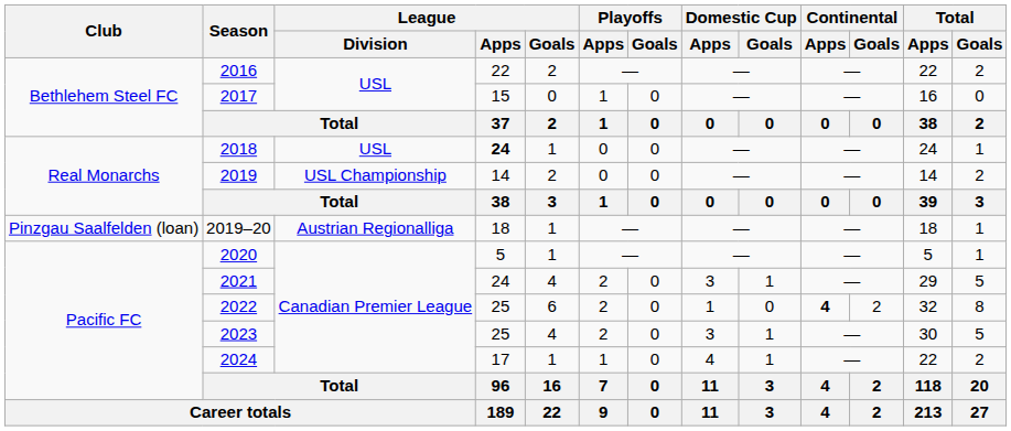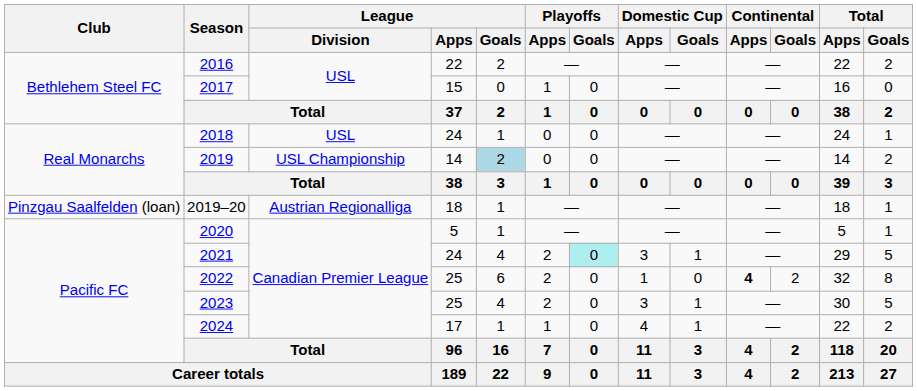 <table class="wikitable" style="text-align: center;">
 <tr>
 <th rowspan="2">Club</th>
 <th rowspan="2">Season</th>
 <th colspan="3">League</th>
 <th colspan="2">Playoffs</th>
 <th colspan="2">Domestic Cup</th>
 <th colspan="2">Continental</th>
 <th colspan="2">Total</th>
 </tr>
 <tr>
 <th>Division</th>
 <th>Apps</th>
 <th>Goals</th>
 <th>Apps</th>
 <th>Goals</th>
 <th>Apps</th>
 <th>Goals</th>
 <th>Apps</th>
 <th>Goals</th>
 <th>Apps</th>
 <th>Goals</th>
 </tr>
 <tr>
 <td rowspan="3" valign="center"><a href='#'>Bethlehem Steel FC</a></td>
 <td><a href='#'>2016</a></td>
 <td rowspan="2"><a href='#'>USL</a></td>
 <td>22</td>
 <td>2</td>
 <td colspan="2">—</td>
 <td colspan="2">—</td>
 <td colspan="2">—</td>
 <td>22</td>
 <td>2</td>
 </tr>
 <tr>
 <td><a href='#'>2017</a></td>
 <td>15</td>
 <td>0</td>
 <td>1</td>
 <td>0</td>
 <td colspan="2">—</td>
 <td colspan="2">—</td>
 <td>16</td>
 <td>0</td>
 </tr>
 <tr>
 <th colspan="2">Total</th>
 <th>37</th>
 <th>2</th>
 <th>1</th>
 <th>0</th>
 <th>0</th>
 <th>0</th>
 <th>0</th>
 <th>0</th>
 <th>38</th>
 <th>2</th>
 </tr>
 <tr>
 <td rowspan="3" valign="center"><a href='#'>Real Monarchs</a></td>
 <td><a href='#'>2018</a></td>
 <td><a href='#'>USL</a></td>
-<td><strong>24</strong></td>
+<td>24</td>
 <td>1</td>
 <td>0</td>
 <td>0</td>
 <td colspan="2">—</td>
 <td colspan="2">—</td>
 <td>24</td>
 <td>1</td>
 </tr>
 <tr>
 <td><a href='#'>2019</a></td>
 <td><a href='#'>USL Championship</a></td>
 <td>14</td>
-<td>2</td>
+<td style="background: lightblue;">2</td>
 <td>0</td>
 <td>0</td>
 <td colspan="2">—</td>
 <td colspan="2">—</td>
 <td>14</td>
 <td>2</td>
 </tr>
 <tr>
 <th colspan="2">Total</th>
 <th>38</th>
 <th>3</th>
 <th>1</th>
 <th>0</th>
 <th>0</th>
 <th>0</th>
 <th>0</th>
 <th>0</th>
 <th>39</th>
 <th>3</th>
 </tr>
 <tr>
 <td><a href='#'>Pinzgau Saalfelden</a> (loan)</td>
 <td>2019–20</td>
 <td><a href='#'>Austrian Regionalliga</a></td>
 <td>18</td>
 <td>1</td>
 <td colspan="2">—</td>
 <td colspan="2">—</td>
 <td colspan="2">—</td>
 <td>18</td>
 <td>1</td>
 </tr>
 <tr>
 <td rowspan="6"><a href='#'>Pacific FC</a></td>
 <td><a href='#'>2020</a></td>
 <td rowspan="5"><a href='#'>Canadian Premier League</a></td>
 <td>5</td>
 <td>1</td>
 <td colspan="2">—</td>
 <td colspan="2">—</td>
 <td colspan="2">—</td>
 <td>5</td>
 <td>1</td>
 </tr>
 <tr>
 <td><a href='#'>2021</a></td>
 <td>24</td>
 <td>4</td>
 <td>2</td>
-<td>0</td>
+<td style="background: paleturquoise;">0</td>
 <td>3</td>
 <td>1</td>
 <td colspan="2">—</td>
 <td>29</td>
 <td>5</td>
 </tr>
 <tr>
 <td><a href='#'>2022</a></td>
 <td>25</td>
 <td>6</td>
 <td>2</td>
 <td>0</td>
 <td>1</td>
 <td>0</td>
 <td><strong>4</strong></td>
 <td>2</td>
 <td>32</td>
 <td>8</td>
 </tr>
 <tr>
 <td><a href='#'>2023</a></td>
 <td>25</td>
 <td>4</td>
 <td>2</td>
 <td>0</td>
 <td>3</td>
 <td>1</td>
 <td colspan="2">—</td>
 <td>30</td>
 <td>5</td>
 </tr>
 <tr>
 <td><a href='#'>2024</a></td>
 <td>17</td>
 <td>1</td>
 <td>1</td>
 <td>0</td>
 <td>4</td>
 <td>1</td>
 <td colspan="2">—</td>
 <td>22</td>
 <td>2</td>
 </tr>
 <tr>
 <th colspan="2">Total</th>
 <th>96</th>
 <th>16</th>
 <th>7</th>
 <th>0</th>
 <th>11</th>
 <th>3</th>
 <th>4</th>
 <th>2</th>
 <th>118</th>
 <th>20</th>
 </tr>
 <tr>
 <th colspan="3">Career totals</th>
 <th>189</th>
 <th>22</th>
 <th>9</th>
 <th>0</th>
 <th>11</th>
 <th>3</th>
 <th>4</th>
 <th>2</th>
 <th>213</th>
 <th>27</th>
 </tr>
 </table>
